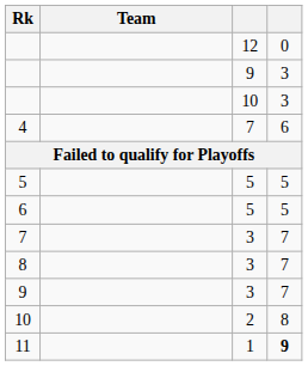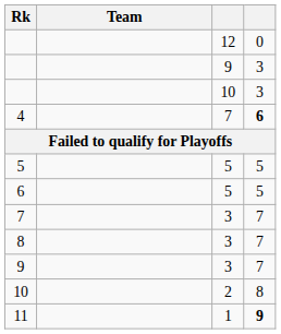 <table class=wikitable style="text-align:center; font-size:95%">
 <tr>
 <th width=25>Rk</th>
 <th width=170>Team</th>
 <th width=25></th>
 <th width=25></th>
 </tr>
 <tr>
 <td></td>
 <td align=left></td>
 <td>12</td>
 <td>0</td>
 </tr>
 <tr>
 <td></td>
 <td align=left></td>
 <td>9</td>
 <td>3</td>
 </tr>
 <tr>
 <td></td>
 <td align=left></td>
 <td>10</td>
 <td>3</td>
 </tr>
 <tr>
 <td>4</td>
 <td align=left></td>
 <td>7</td>
-<td>6</td>
+<td><strong>6</strong></td>
 </tr>
 <tr>
 <th colspan="8">Failed to qualify for Playoffs</th>
 </tr>
 <tr>
 <td>5</td>
 <td align=left></td>
 <td>5</td>
 <td>5</td>
 </tr>
 <tr>
 <td>6</td>
 <td align=left></td>
 <td>5</td>
 <td>5</td>
 </tr>
 <tr>
 <td>7</td>
 <td align=left></td>
 <td>3</td>
 <td>7</td>
 </tr>
 <tr>
 <td>8</td>
 <td align=left></td>
 <td>3</td>
 <td>7</td>
 </tr>
 <tr>
 <td>9</td>
 <td align=left></td>
 <td>3</td>
 <td>7</td>
 </tr>
 <tr>
 <td>10</td>
 <td align=left></td>
 <td>2</td>
 <td>8</td>
 </tr>
 <tr>
 <td>11</td>
 <td align=left></td>
 <td>1</td>
 <td><strong>9</strong></td>
 </tr>
 </table>
